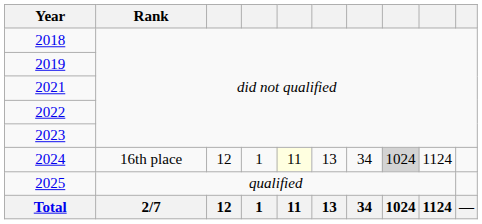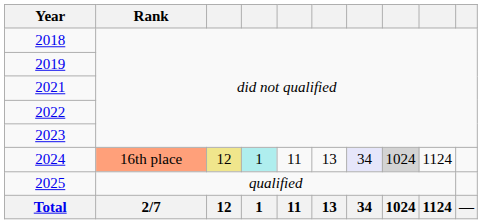 <table class="wikitable" style="text-align: center;">
 <tr>
 <th width=90>Year</th>
 <th width=110>Rank</th>
 <th width=30></th>
 <th width=30></th>
 <th width=30></th>
 <th width=30></th>
 <th width=30></th>
 <th width=30></th>
 <th width=30></th>
 <th></th>
 </tr>
 <tr>
 <td> <a href='#'>2018</a></td>
 <td colspan=9 rowspan=5><em>did not qualified</em></td>
 </tr>
 <tr>
 <td> <a href='#'>2019</a></td>
 </tr>
 <tr>
 <td> <a href='#'>2021</a></td>
 </tr>
 <tr>
 <td> <a href='#'>2022</a></td>
 </tr>
 <tr>
 <td> <a href='#'>2023</a></td>
 </tr>
 <tr>
 <td> <a href='#'>2024</a></td>
-<td>16th place</td>
-<td>12</td>
-<td>1</td>
-<td style="background: lightyellow;">11</td>
+<td style="background: lightsalmon;">16th place</td>
+<td style="background: khaki;">12</td>
+<td style="background: paleturquoise;">1</td>
+<td>11</td>
 <td>13</td>
-<td>34</td>
+<td style="background: lavender;">34</td>
 <td style="background: lightgrey;">1024</td>
 <td>1124</td>
 <td></td>
 </tr>
 <tr>
 <td> <a href='#'>2025</a></td>
 <td colspan=8><em>qualified</em></td>
 </tr>
 <tr>
 <th><a href='#'> Total</a></th>
 <th>2/7</th>
 <th>12</th>
 <th>1</th>
 <th>11</th>
 <th>13</th>
 <th>34</th>
 <th>1024</th>
 <th>1124</th>
 <th>—</th>
 </tr>
 </table>
